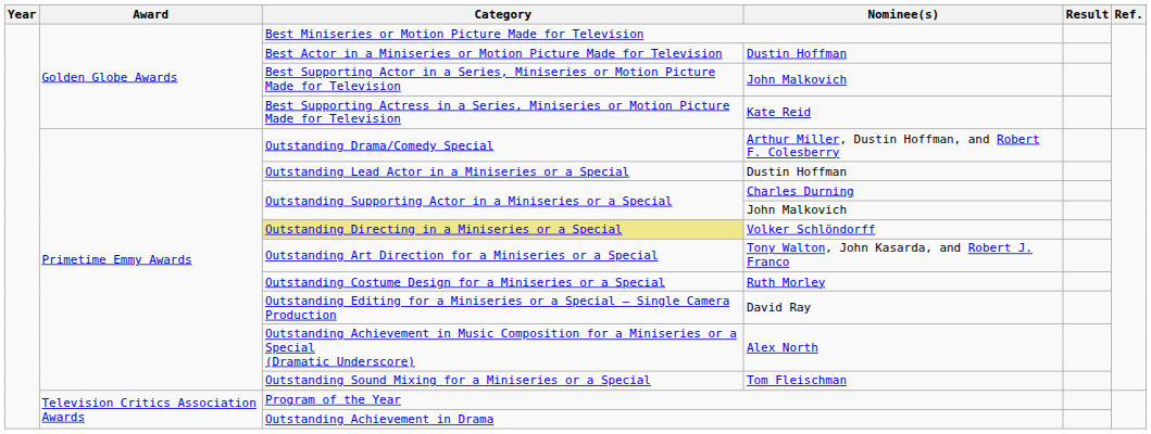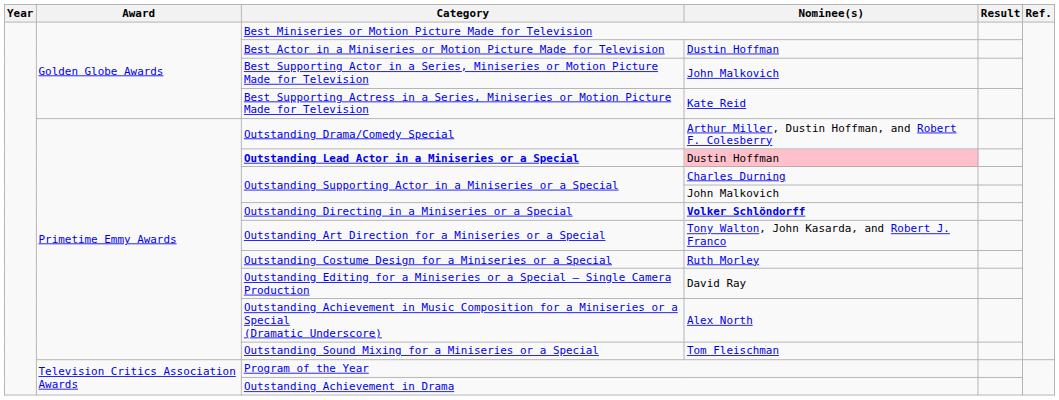 <table class="wikitable plainrowheaders">
 <tr>
 <th>Year</th>
 <th>Award</th>
 <th>Category</th>
 <th>Nominee(s)</th>
 <th>Result</th>
 <th>Ref.</th>
 </tr>
 <tr>
 <td rowspan="16"></td>
 <td rowspan="4"><a href='#'>Golden Globe Awards</a></td>
 <td colspan="2"><a href='#'>Best Miniseries or Motion Picture Made for Television</a></td>
 <td></td>
 <td align="center" rowspan="4"></td>
 </tr>
 <tr>
 <td><a href='#'>Best Actor in a Miniseries or Motion Picture Made for Television</a></td>
 <td><a href='#'>Dustin Hoffman</a></td>
 <td></td>
 </tr>
 <tr>
 <td><a href='#'>Best Supporting Actor in a Series, Miniseries or Motion Picture Made for Television</a></td>
 <td><a href='#'>John Malkovich</a></td>
 <td></td>
 </tr>
 <tr>
 <td><a href='#'>Best Supporting Actress in a Series, Miniseries or Motion Picture Made for Television</a></td>
 <td><a href='#'>Kate Reid</a></td>
 <td></td>
 </tr>
 <tr>
 <td rowspan="10"><a href='#'>Primetime Emmy Awards</a></td>
 <td><a href='#'>Outstanding Drama/Comedy Special</a></td>
 <td><a href='#'>Arthur Miller</a>, Dustin Hoffman, and <a href='#'>Robert F. Colesberry</a></td>
 <td></td>
 <td align="center" rowspan="10"></td>
 </tr>
 <tr>
-<td><a href='#'>Outstanding Lead Actor in a Miniseries or a Special</a></td>
-<td>Dustin Hoffman</td>
+<td><strong><a href='#'>Outstanding Lead Actor in a Miniseries or a Special</a></strong></td>
+<td style="background: pink;">Dustin Hoffman</td>
 <td></td>
 </tr>
 <tr>
 <td rowspan="2"><a href='#'>Outstanding Supporting Actor in a Miniseries or a Special</a></td>
 <td><a href='#'>Charles Durning</a></td>
 <td></td>
 </tr>
 <tr>
 <td>John Malkovich</td>
 <td></td>
 </tr>
 <tr>
-<td style="background: khaki;"><a href='#'>Outstanding Directing in a Miniseries or a Special</a></td>
-<td><a href='#'>Volker Schlöndorff</a></td>
+<td><a href='#'>Outstanding Directing in a Miniseries or a Special</a></td>
+<td><strong><a href='#'>Volker Schlöndorff</a></strong></td>
 <td></td>
 </tr>
 <tr>
 <td><a href='#'>Outstanding Art Direction for a Miniseries or a Special</a></td>
 <td><a href='#'>Tony Walton</a>, John Kasarda, and <a href='#'>Robert J. Franco</a></td>
 <td></td>
 </tr>
 <tr>
 <td><a href='#'>Outstanding Costume Design for a Miniseries or a Special</a></td>
 <td><a href='#'>Ruth Morley</a></td>
 <td></td>
 </tr>
 <tr>
 <td><a href='#'>Outstanding Editing for a Miniseries or a Special – Single Camera Production</a></td>
 <td>David Ray</td>
 <td></td>
 </tr>
 <tr>
 <td><a href='#'>Outstanding Achievement in Music Composition for a Miniseries or a Special <br> (Dramatic Underscore)</a></td>
 <td><a href='#'>Alex North</a></td>
 <td></td>
 </tr>
 <tr>
 <td><a href='#'>Outstanding Sound Mixing for a Miniseries or a Special</a></td>
 <td><a href='#'>Tom Fleischman</a></td>
 <td></td>
 </tr>
 <tr>
 <td rowspan="2"><a href='#'>Television Critics Association Awards</a></td>
 <td colspan="2"><a href='#'>Program of the Year</a></td>
 <td></td>
 <td align="center" rowspan="2"> <br> </td>
 </tr>
 <tr>
 <td colspan="2"><a href='#'>Outstanding Achievement in Drama</a></td>
 <td></td>
 </tr>
 </table>
